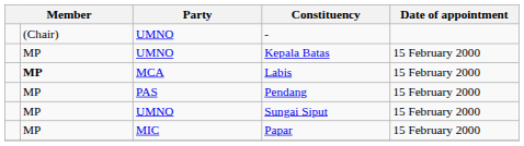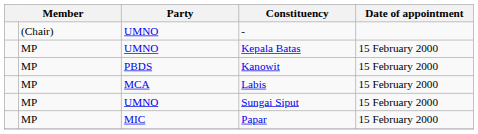 <table class="sortable wikitable">
 <tr>
 <th width="160px" colspan="2" valign="top">Member</th>
 <th width="160px" valign="top">Party</th>
 <th width="160px" valign="top">Constituency</th>
 <th width="160px" valign="top">Date of appointment</th>
 </tr>
 <tr>
 <td></td>
 <td> (Chair)</td>
 <td><a href='#'>UMNO</a></td>
 <td>-</td>
 <td></td>
 </tr>
 <tr>
 <td></td>
 <td> MP</td>
 <td><a href='#'>UMNO</a></td>
 <td><a href='#'>Kepala Batas</a></td>
 <td>15 February 2000</td>
 </tr>
 <tr>
 <td></td>
-<td><strong> MP</strong></td>
-<td><a href='#'>MCA</a></td>
-<td><a href='#'>Labis</a></td>
+<td> MP</td>
+<td><a href='#'>PBDS</a></td>
+<td><a href='#'>Kanowit</a></td>
 <td>15 February 2000</td>
 </tr>
 <tr>
 <td></td>
 <td> MP</td>
-<td><a href='#'>PAS</a></td>
-<td><a href='#'>Pendang</a></td>
+<td><a href='#'>MCA</a></td>
+<td><a href='#'>Labis</a></td>
 <td>15 February 2000</td>
 </tr>
 <tr>
 <td></td>
 <td> MP</td>
 <td><a href='#'>UMNO</a></td>
 <td><a href='#'>Sungai Siput</a></td>
 <td>15 February 2000</td>
 </tr>
 <tr>
 <td></td>
 <td> MP</td>
 <td><a href='#'>MIC</a></td>
 <td><a href='#'>Papar</a></td>
 <td>15 February 2000</td>
 </tr>
 <tr>
 </tr>
 </table>
